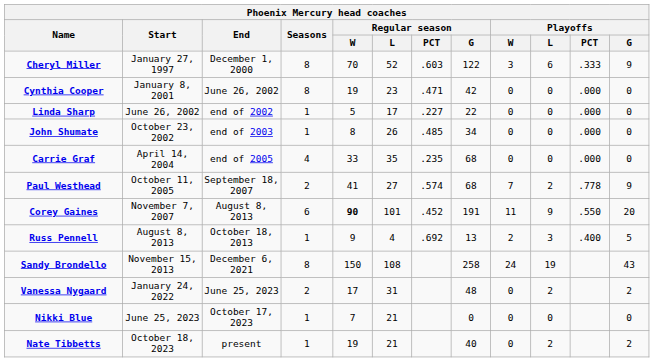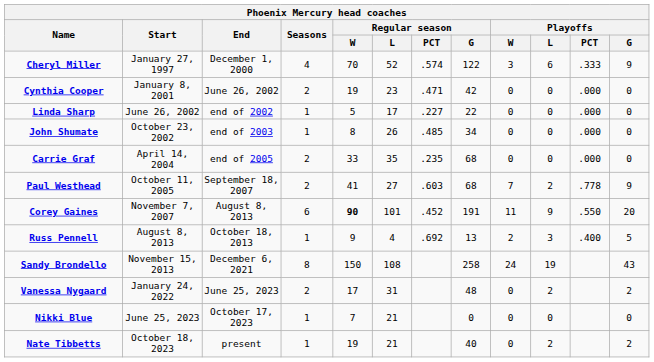 <table class="wikitable" style="clear:both; margin:1.5em auto; text-align:center">
 <tr>
 <th colspan=13>Phoenix Mercury head coaches</th>
 </tr>
 <tr>
 <th style="width:15%;" rowspan="2">Name</th>
 <th style="width:10%;" rowspan="2">Start</th>
 <th style="width:10%;" rowspan="2">End</th>
 <th style="width:5%;" rowspan="2">Seasons</th>
 <th style="width:20%;" colspan="4">Regular season</th>
 <th style="width:20%;" colspan="4">Playoffs</th>
 </tr>
 <tr>
 <th>W</th>
 <th>L</th>
 <th>PCT</th>
 <th>G</th>
 <th>W</th>
 <th>L</th>
 <th>PCT</th>
 <th>G</th>
 </tr>
 <tr>
 <td><strong><a href='#'>Cheryl Miller</a></strong></td>
 <td>January 27, 1997</td>
 <td>December 1, 2000</td>
-<td>8</td>
+<td>4</td>
 <td style="width:5%;">70</td>
 <td style="width:5%;">52</td>
-<td style="width:5%;">.603</td>
+<td style="width:5%;">.574</td>
 <td style="width:5%;">122</td>
 <td style="width:5%;">3</td>
 <td style="width:5%;">6</td>
 <td style="width:5%;">.333</td>
 <td style="width:5%;">9</td>
 </tr>
 <tr>
 <td><strong><a href='#'>Cynthia Cooper</a></strong></td>
 <td>January 8, 2001</td>
 <td>June 26, 2002</td>
-<td>8</td>
+<td>2</td>
 <td style="width:5%;">19</td>
 <td style="width:5%;">23</td>
 <td style="width:5%;">.471</td>
 <td style="width:5%;">42</td>
 <td style="width:5%;">0</td>
 <td style="width:5%;">0</td>
 <td style="width:5%;">.000</td>
 <td style="width:5%;">0</td>
 </tr>
 <tr>
 <td><strong><a href='#'>Linda Sharp</a></strong></td>
 <td>June 26, 2002</td>
 <td>end of <a href='#'>2002</a></td>
 <td>1</td>
 <td style="width:5%;">5</td>
 <td style="width:5%;">17</td>
 <td style="width:5%;">.227</td>
 <td style="width:5%;">22</td>
 <td style="width:5%;">0</td>
 <td style="width:5%;">0</td>
 <td style="width:5%;">.000</td>
 <td style="width:5%;">0</td>
 </tr>
 <tr>
 <td><strong><a href='#'>John Shumate</a></strong></td>
 <td>October 23, 2002</td>
 <td>end of <a href='#'>2003</a></td>
 <td>1</td>
 <td style="width:5%;">8</td>
 <td style="width:5%;">26</td>
 <td style="width:5%;">.485</td>
 <td style="width:5%;">34</td>
 <td style="width:5%;">0</td>
 <td style="width:5%;">0</td>
 <td style="width:5%;">.000</td>
 <td style="width:5%;">0</td>
 </tr>
 <tr>
 <td><strong><a href='#'>Carrie Graf</a></strong></td>
 <td>April 14, 2004</td>
 <td>end of <a href='#'>2005</a></td>
-<td>4</td>
+<td>2</td>
 <td style="width:5%;">33</td>
 <td style="width:5%;">35</td>
 <td style="width:5%;">.235</td>
 <td style="width:5%;">68</td>
 <td style="width:5%;">0</td>
 <td style="width:5%;">0</td>
 <td style="width:5%;">.000</td>
 <td style="width:5%;">0</td>
 </tr>
 <tr>
 <td><strong><a href='#'>Paul Westhead</a></strong></td>
 <td>October 11, 2005</td>
 <td>September 18, 2007</td>
 <td>2</td>
 <td style="width:5%;">41</td>
 <td style="width:5%;">27</td>
-<td style="width:5%;">.574</td>
+<td style="width:5%;">.603</td>
 <td style="width:5%;">68</td>
 <td style="width:5%;">7</td>
 <td style="width:5%;">2</td>
 <td style="width:5%;">.778</td>
 <td style="width:5%;">9</td>
 </tr>
 <tr>
 <td><strong><a href='#'>Corey Gaines</a></strong></td>
 <td>November 7, 2007</td>
 <td>August 8, 2013</td>
 <td>6</td>
 <td style="width:5%;"><strong>90</strong></td>
 <td style="width:5%;">101</td>
 <td style="width:5%;">.452</td>
 <td style="width:5%;">191</td>
 <td style="width:5%;">11</td>
 <td style="width:5%;">9</td>
 <td style="width:5%;">.550</td>
 <td style="width:5%;">20</td>
 </tr>
 <tr>
 <td><strong><a href='#'>Russ Pennell</a></strong></td>
 <td>August 8, 2013</td>
 <td>October 18, 2013</td>
 <td>1</td>
 <td style="width:5%;">9</td>
 <td style="width:5%;">4</td>
 <td style="width:5%;">.692</td>
 <td style="width:5%;">13</td>
 <td style="width:5%;">2</td>
 <td style="width:5%;">3</td>
 <td style="width:5%;">.400</td>
 <td style="width:5%;">5</td>
 </tr>
 <tr>
 <td><strong><a href='#'>Sandy Brondello</a></strong></td>
 <td>November 15, 2013 </td>
 <td>December 6, 2021</td>
 <td>8</td>
 <td style="width:5%;">150</td>
 <td style="width:5%;">108</td>
 <td style="width:5%;"></td>
 <td style="width:5%;">258</td>
 <td style="width:5%;">24</td>
 <td style="width:5%;">19</td>
 <td style="width:5%;"></td>
 <td style="width:5%;">43</td>
 </tr>
 <tr>
 <td><strong><a href='#'>Vanessa Nygaard</a></strong></td>
 <td>January 24, 2022 </td>
 <td>June 25, 2023</td>
 <td>2</td>
 <td style="width:5%;">17</td>
 <td style="width:5%;">31</td>
 <td style="width:5%;"></td>
 <td style="width:5%;">48</td>
 <td style="width:5%;">0</td>
 <td style="width:5%;">2</td>
 <td style="width:5%;"></td>
 <td style="width:5%;">2</td>
 </tr>
 <tr>
 <td><strong><a href='#'>Nikki Blue</a></strong></td>
 <td>June 25, 2023</td>
 <td>October 17, 2023</td>
 <td>1</td>
 <td style="width:5%;">7</td>
 <td style="width:5%;">21</td>
 <td style="width:5%;"></td>
 <td style="width:5%;">0</td>
 <td style="width:5%;">0</td>
 <td style="width:5%;">0</td>
 <td style="width:5%;"></td>
 <td style="width:5%;">0</td>
 </tr>
 <tr>
 <td><strong><a href='#'>Nate Tibbetts</a></strong></td>
 <td>October 18, 2023</td>
 <td>present</td>
 <td>1</td>
 <td style="width:5%;">19</td>
 <td style="width:5%;">21</td>
 <td style="width:5%;"></td>
 <td style="width:5%;">40</td>
 <td style="width:5%;">0</td>
 <td style="width:5%;">2</td>
 <td style="width:5%;"></td>
 <td style="width:5%;">2</td>
 </tr>
 </table>
